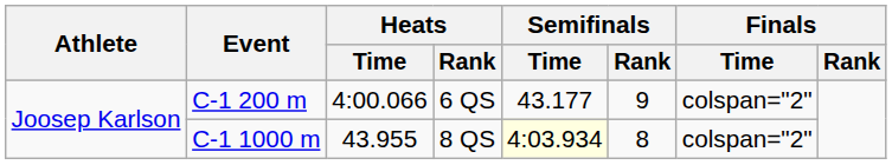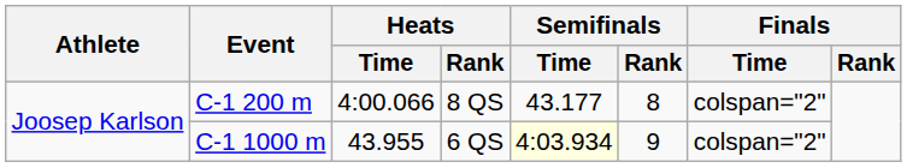 <table class="wikitable" style="font-size:90%">
 <tr>
 <th rowspan="2">Athlete</th>
 <th rowspan="2">Event</th>
 <th colspan=2>Heats</th>
 <th colspan=2>Semifinals</th>
 <th colspan=2>Finals</th>
 </tr>
 <tr style="font-size:95%">
 <th>Time</th>
 <th>Rank</th>
 <th>Time</th>
 <th>Rank</th>
 <th>Time</th>
 <th>Rank</th>
 </tr>
 <tr align=center>
 <td align=left rowspan=2><a href='#'>Joosep Karlson</a></td>
 <td align=left><a href='#'>C-1 200 m</a></td>
 <td>4:00.066</td>
-<td>6 QS</td>
+<td>8 QS</td>
 <td>43.177</td>
-<td>9</td>
+<td>8</td>
 <td>colspan="2" </td>
 </tr>
 <tr align=center>
 <td align=left><a href='#'>C-1 1000 m</a></td>
 <td>43.955</td>
-<td>8 QS</td>
+<td>6 QS</td>
 <td style="background: lightyellow;">4:03.934</td>
-<td>8</td>
+<td>9</td>
 <td>colspan="2" </td>
 </tr>
 </table>
